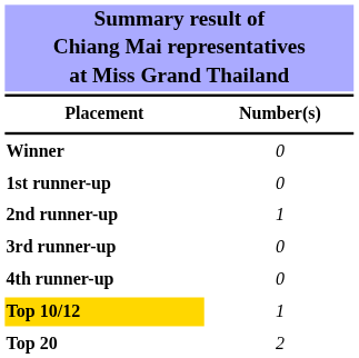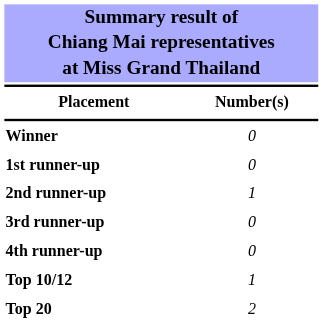 <table style="width: 270px; font-size:85%; line-height:1.5em;">
 <tr>
 <th colspan="2" align="center" style="background:#AAF;"><big>Summary result of<br>Chiang Mai representatives<br>at Miss Grand Thailand</big></th>
 </tr>
 <tr>
 <td colspan="2" style="background:black"></td>
 </tr>
 <tr>
 <th scope="col">Placement</th>
 <th scope="col">Number(s)</th>
 </tr>
 <tr>
 <td colspan="2" style="background:black"></td>
 </tr>
 <tr>
 <td align="left"><strong>Winner</strong></td>
 <td align="center"><em>0</em></td>
 </tr>
 <tr>
 <td align="left"><strong>1st runner-up</strong></td>
 <td align="center"><em>0</em></td>
 </tr>
 <tr>
 <td align="left"><strong>2nd runner-up</strong></td>
 <td align="center"><em>1</em></td>
 </tr>
 <tr>
 <td align="left"><strong>3rd runner-up</strong></td>
 <td align="center"><em>0</em></td>
 </tr>
 <tr>
 <td align="left"><strong>4th runner-up</strong></td>
 <td align="center"><em>0</em></td>
 </tr>
 <tr>
-<td align="left" style="background: gold;"><strong>Top 10/12</strong></td>
+<td align="left"><strong>Top 10/12</strong></td>
 <td align="center"><em>1</em></td>
 </tr>
 <tr>
 <td align="left"><strong>Top 20</strong></td>
 <td align="center"><em>2</em></td>
 </tr>
 </table>
